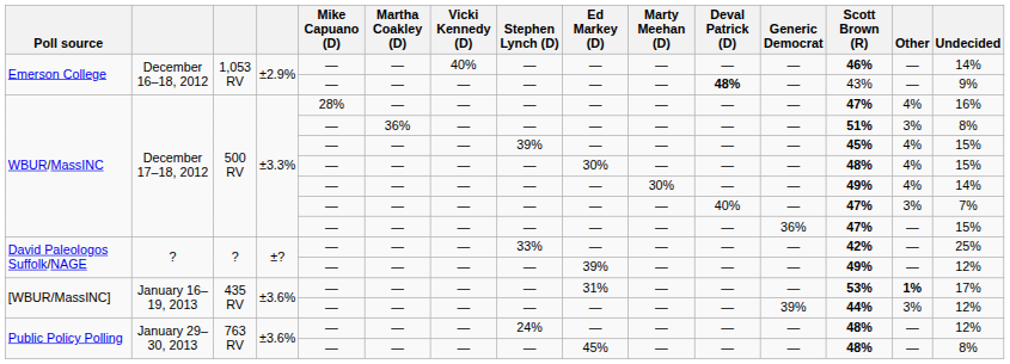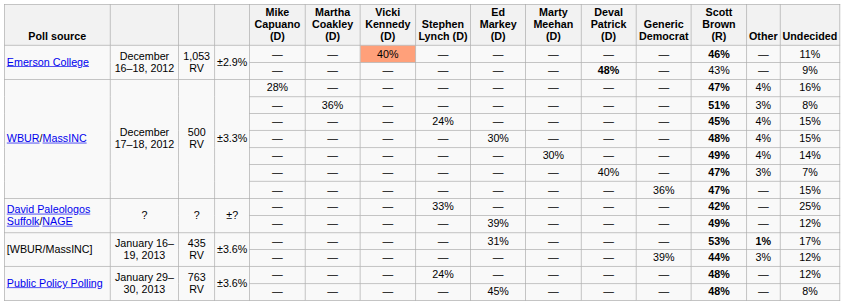 <table class="wikitable" style="text-align:center">
 <tr valign= bottom>
 <th>Poll source</th>
 <th></th>
 <th></th>
 <th></th>
 <th style="width:75px;">Mike<br>Capuano (D)</th>
 <th style="width:75px;">Martha<br>Coakley (D)</th>
 <th style="width:75px;">Vicki<br>Kennedy (D)</th>
 <th style="width:75px;">Stephen<br>Lynch (D)</th>
 <th style="width:75px;">Ed<br>Markey (D)</th>
 <th style="width:75px;">Marty<br>Meehan (D)</th>
 <th style="width:75px;">Deval<br>Patrick (D)</th>
 <th style="width:75px;">Generic<br>Democrat</th>
 <th style="width:75px;">Scott<br>Brown (R)</th>
 <th>Other</th>
 <th>Undecided</th>
 </tr>
 <tr>
 <td align=left rowspan=2><a href='#'>Emerson College</a></td>
 <td rowspan=2>December 16–18, 2012</td>
 <td rowspan=2>1,053 RV</td>
 <td rowspan=2>±2.9%</td>
 <td>—</td>
 <td>—</td>
-<td>40%</td>
+<td style="background: lightsalmon;">40%</td>
 <td>—</td>
 <td>—</td>
 <td>—</td>
 <td>—</td>
 <td>—</td>
 <td><strong>46%</strong></td>
 <td>—</td>
-<td>14%</td>
+<td>11%</td>
 </tr>
 <tr>
 <td>—</td>
 <td>—</td>
 <td>—</td>
 <td>—</td>
 <td>—</td>
 <td>—</td>
 <td><strong>48%</strong></td>
 <td>—</td>
 <td>43%</td>
 <td>—</td>
 <td>9%</td>
 </tr>
 <tr>
 <td align=left rowspan=7><a href='#'>WBUR</a>/<a href='#'>MassINC</a></td>
 <td rowspan=7>December 17–18, 2012</td>
 <td rowspan=7>500 RV</td>
 <td rowspan=7>±3.3%</td>
 <td>28%</td>
 <td>—</td>
 <td>—</td>
 <td>—</td>
 <td>—</td>
 <td>—</td>
 <td>—</td>
 <td>—</td>
 <td><strong>47%</strong></td>
 <td>4%</td>
 <td>16%</td>
 </tr>
 <tr>
 <td>—</td>
 <td>36%</td>
 <td>—</td>
 <td>—</td>
 <td>—</td>
 <td>—</td>
 <td>—</td>
 <td>—</td>
 <td><strong>51%</strong></td>
 <td>3%</td>
 <td>8%</td>
 </tr>
 <tr>
 <td>—</td>
 <td>—</td>
 <td>—</td>
-<td>39%</td>
+<td>24%</td>
 <td>—</td>
 <td>—</td>
 <td>—</td>
 <td>—</td>
 <td><strong>45%</strong></td>
 <td>4%</td>
 <td>15%</td>
 </tr>
 <tr>
 <td>—</td>
 <td>—</td>
 <td>—</td>
 <td>—</td>
 <td>30%</td>
 <td>—</td>
 <td>—</td>
 <td>—</td>
 <td><strong>48%</strong></td>
 <td>4%</td>
 <td>15%</td>
 </tr>
 <tr>
 <td>—</td>
 <td>—</td>
 <td>—</td>
 <td>—</td>
 <td>—</td>
 <td>30%</td>
 <td>—</td>
 <td>—</td>
 <td><strong>49%</strong></td>
 <td>4%</td>
 <td>14%</td>
 </tr>
 <tr>
 <td>—</td>
 <td>—</td>
 <td>—</td>
 <td>—</td>
 <td>—</td>
 <td>—</td>
 <td>40%</td>
 <td>—</td>
 <td><strong>47%</strong></td>
 <td>3%</td>
 <td>7%</td>
 </tr>
 <tr>
 <td>—</td>
 <td>—</td>
 <td>—</td>
 <td>—</td>
 <td>—</td>
 <td>—</td>
 <td>—</td>
 <td>36%</td>
 <td><strong>47%</strong></td>
 <td>—</td>
 <td>15%</td>
 </tr>
 <tr>
 <td align=left rowspan=2><a href='#'>David Paleologos Suffolk</a>/<a href='#'>NAGE</a></td>
 <td rowspan=2>?</td>
 <td rowspan=2>?</td>
 <td rowspan=2>±?</td>
 <td>—</td>
 <td>—</td>
 <td>—</td>
 <td>33%</td>
 <td>—</td>
 <td>—</td>
 <td>—</td>
 <td>—</td>
 <td><strong>42%</strong></td>
 <td>—</td>
 <td>25%</td>
 </tr>
 <tr>
 <td>—</td>
 <td>—</td>
 <td>—</td>
 <td>—</td>
 <td>39%</td>
 <td>—</td>
 <td>—</td>
 <td>—</td>
 <td><strong>49%</strong></td>
 <td>—</td>
 <td>12%</td>
 </tr>
 <tr>
 <td align=left rowspan=2>[WBUR/MassINC]<br></td>
 <td rowspan=2>January 16–19, 2013</td>
 <td rowspan=2>435 RV</td>
 <td rowspan=2>±3.6%</td>
 <td>—</td>
 <td>—</td>
 <td>—</td>
 <td>—</td>
 <td>31%</td>
 <td>—</td>
 <td>—</td>
 <td>—</td>
 <td><strong>53%</strong></td>
 <td><strong>1%</strong></td>
 <td>17%</td>
 </tr>
 <tr>
 <td>—</td>
 <td>—</td>
 <td>—</td>
 <td>—</td>
 <td>—</td>
 <td>—</td>
 <td>—</td>
 <td>39%</td>
 <td><strong>44%</strong></td>
 <td>3%</td>
 <td>12%</td>
 </tr>
 <tr>
 <td align=left rowspan=2><a href='#'>Public Policy Polling</a></td>
 <td rowspan=2>January 29–30, 2013</td>
 <td rowspan=2>763 RV</td>
 <td rowspan=2>±3.6%</td>
 <td>—</td>
 <td>—</td>
 <td>—</td>
 <td>24%</td>
 <td>—</td>
 <td>—</td>
 <td>—</td>
 <td>—</td>
 <td><strong>48%</strong></td>
 <td>—</td>
 <td>12%</td>
 </tr>
 <tr>
 <td>—</td>
 <td>—</td>
 <td>—</td>
 <td>—</td>
 <td>45%</td>
 <td>—</td>
 <td>—</td>
 <td>—</td>
 <td><strong>48%</strong></td>
 <td>—</td>
 <td>8%</td>
 </tr>
 </table>
